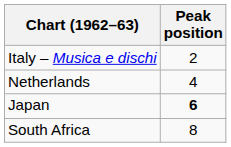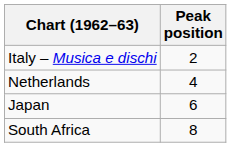 <table class="wikitable sortable">
 <tr>
 <th align="left">Chart (1962–63)</th>
 <th style="text-align:center;">Peak<br>position</th>
 </tr>
 <tr>
 <td align="left">Italy – <em><a href='#'>Musica e dischi</a></em></td>
 <td style="text-align:center;">2</td>
 </tr>
 <tr>
 <td align="left">Netherlands</td>
 <td style="text-align:center;">4</td>
 </tr>
 <tr>
 <td align="left">Japan</td>
-<td style="text-align:center;"><strong>6</strong></td>
+<td style="text-align:center;">6</td>
 </tr>
 <tr>
 <td align="left">South Africa</td>
 <td style="text-align:center;">8</td>
 </tr>
 </table>
